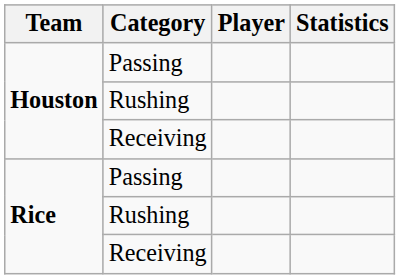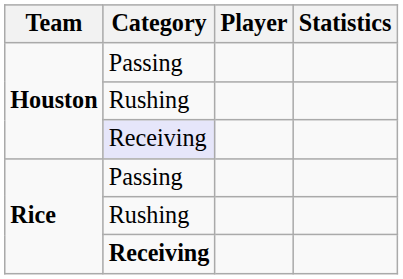 <table class="wikitable" style="float: left;">
 <tr>
 <th>Team</th>
 <th>Category</th>
 <th>Player</th>
 <th>Statistics</th>
 </tr>
 <tr>
 <td rowspan=3><strong>Houston</strong></td>
 <td>Passing</td>
 <td></td>
 <td></td>
 </tr>
 <tr>
 <td>Rushing</td>
 <td></td>
 <td></td>
 </tr>
 <tr>
-<td>Receiving</td>
+<td style="background: lavender;">Receiving</td>
 <td></td>
 <td></td>
 </tr>
 <tr>
 <td rowspan=3><strong>Rice</strong></td>
 <td>Passing</td>
 <td></td>
 <td></td>
 </tr>
 <tr>
 <td>Rushing</td>
 <td></td>
 <td></td>
 </tr>
 <tr>
-<td>Receiving</td>
+<td><strong>Receiving</strong></td>
 <td></td>
 <td></td>
 </tr>
 </table>
